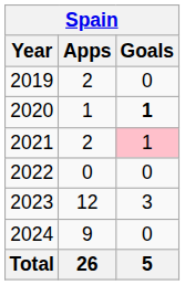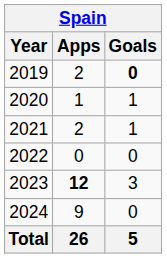 <table class="wikitable" style="text-align:center">
 <tr>
 <th colspan=3><a href='#'>Spain</a></th>
 </tr>
 <tr>
 <th>Year</th>
 <th>Apps</th>
 <th>Goals</th>
 </tr>
 <tr>
 <td>2019</td>
 <td>2</td>
-<td>0</td>
+<td><strong>0</strong></td>
 </tr>
 <tr>
 <td>2020</td>
 <td>1</td>
-<td><strong>1</strong></td>
+<td>1</td>
 </tr>
 <tr>
 <td>2021</td>
 <td>2</td>
-<td style="background: pink;">1</td>
+<td>1</td>
 </tr>
 <tr>
 <td>2022</td>
 <td>0</td>
 <td>0</td>
 </tr>
 <tr>
 <td>2023</td>
-<td>12</td>
+<td><strong>12</strong></td>
 <td>3</td>
 </tr>
 <tr>
 <td>2024</td>
 <td>9</td>
 <td>0</td>
 </tr>
 <tr>
 <th>Total</th>
 <th>26</th>
 <th>5</th>
 </tr>
 </table>
